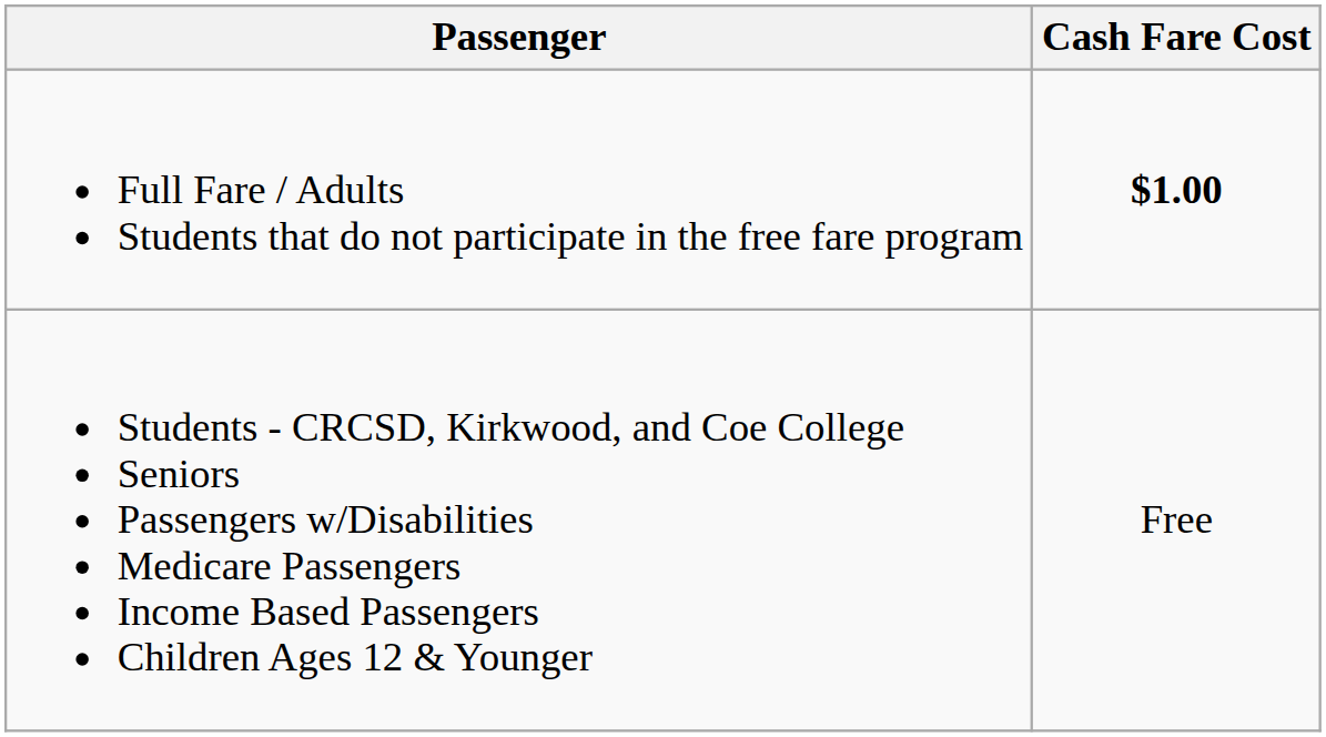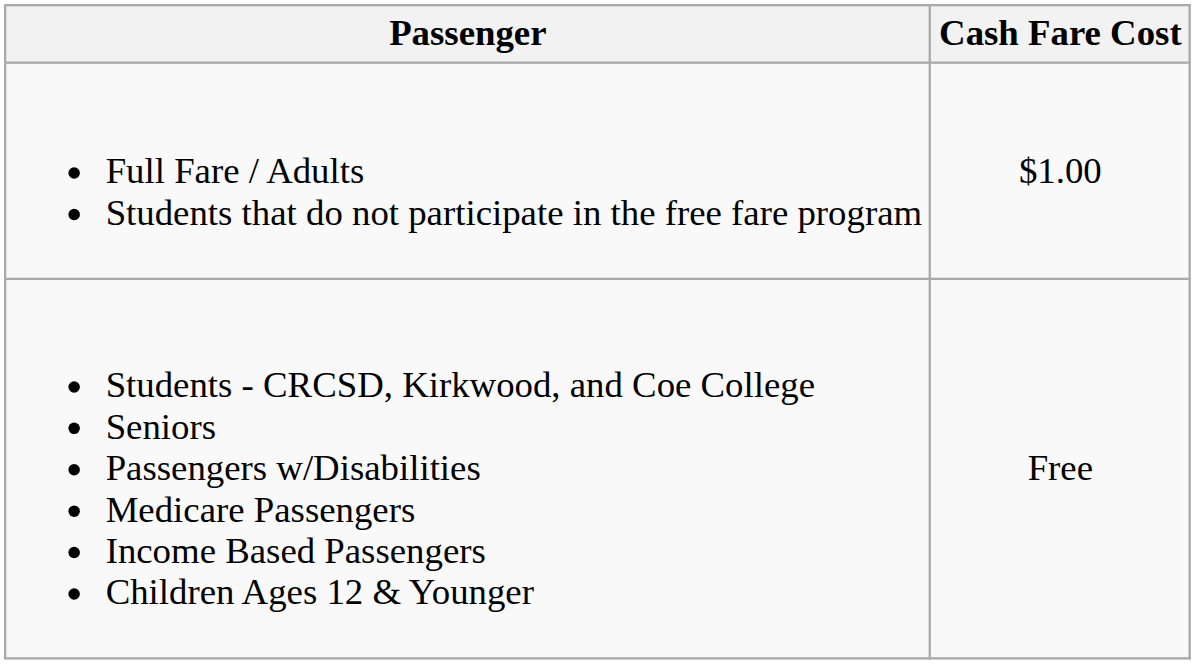 <table class="wikitable">
 <tr>
 <th>Passenger</th>
 <th>Cash Fare Cost</th>
 </tr>
 <tr align="center">
 <td align="left"><br><ul><li>Full Fare / Adults</li><li>Students that do not participate in the free fare program</li></ul></td>
-<td><strong>$1.00</strong></td>
+<td>$1.00</td>
 </tr>
 <tr align="center">
 <td align="left"><br><ul><li>Students - CRCSD, Kirkwood, and Coe College</li><li>Seniors</li><li>Passengers w/Disabilities</li><li>Medicare Passengers</li><li>Income Based Passengers</li><li>Children Ages 12 & Younger</li></ul></td>
 <td>Free</td>
 </tr>
 </table>
